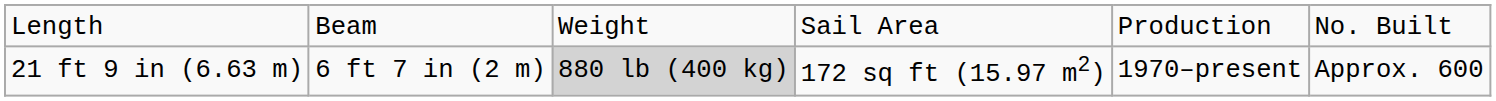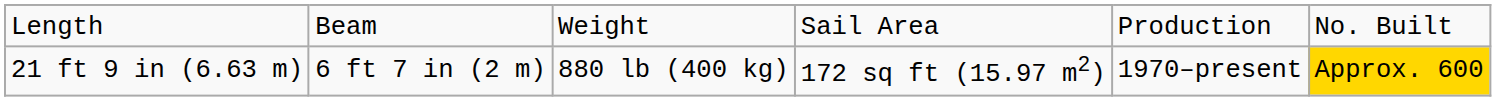 <table class="wikitable">
 <tr>
 <td>Length</td>
 <td>Beam</td>
 <td>Weight</td>
 <td>Sail Area</td>
 <td>Production</td>
 <td>No. Built</td>
 </tr>
 <tr>
 <td>21 ft 9 in (6.63 m)</td>
 <td>6 ft 7 in (2 m)</td>
-<td style="background: lightgrey;">880 lb (400 kg)</td>
+<td>880 lb (400 kg)</td>
 <td>172 sq ft (15.97 m<sup>2</sup>)</td>
 <td>1970–present</td>
-<td>Approx. 600</td>
+<td style="background: gold;">Approx. 600</td>
 </tr>
 </table>
